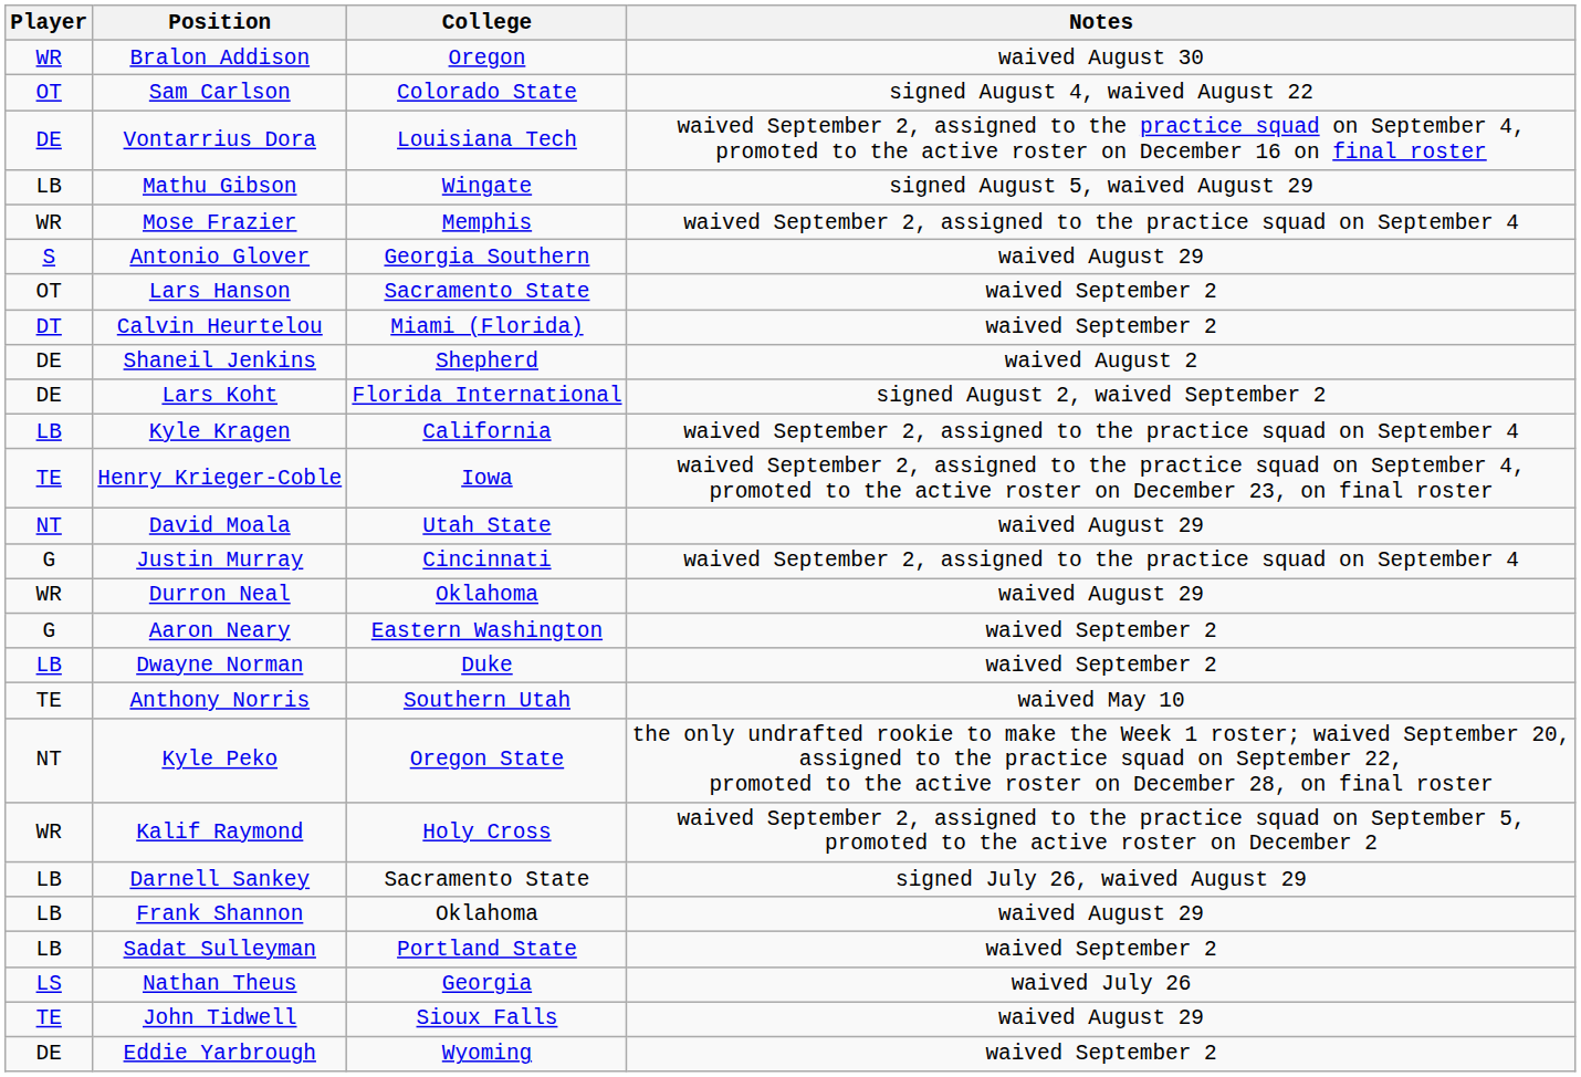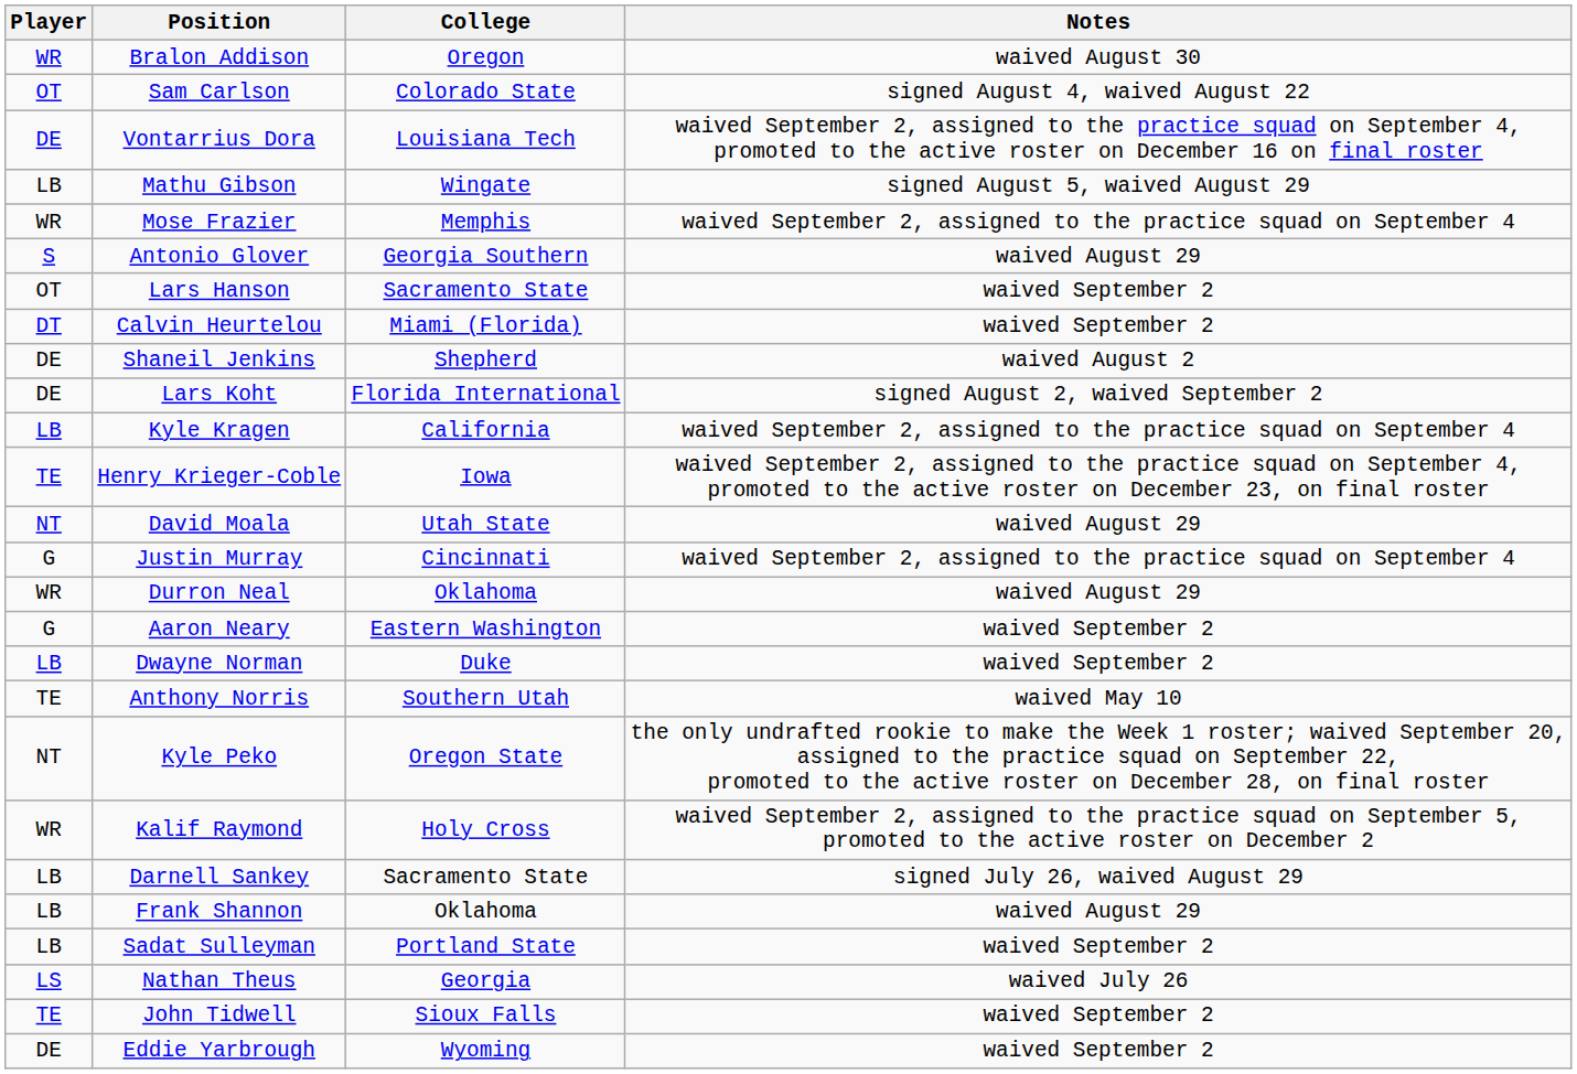 <table class="wikitable" style="text-align:center">
 <tr>
 <th>Player</th>
 <th>Position</th>
 <th>College</th>
 <th>Notes</th>
 </tr>
 <tr>
 <td><a href='#'>WR</a></td>
 <td><a href='#'>Bralon Addison</a></td>
 <td><a href='#'>Oregon</a></td>
 <td>waived August 30</td>
 </tr>
 <tr>
 <td><a href='#'>OT</a></td>
 <td><a href='#'>Sam Carlson</a></td>
 <td><a href='#'>Colorado State</a></td>
 <td>signed August 4, waived August 22</td>
 </tr>
 <tr>
 <td><a href='#'>DE</a></td>
 <td><a href='#'>Vontarrius Dora</a></td>
 <td><a href='#'>Louisiana Tech</a></td>
 <td>waived September 2, assigned to the <a href='#'>practice squad</a> on September 4,<br>promoted to the active roster on December 16 on <a href='#'>final roster</a></td>
 </tr>
 <tr>
 <td>LB</td>
 <td><a href='#'>Mathu Gibson</a></td>
 <td><a href='#'>Wingate</a></td>
 <td>signed August 5, waived August 29</td>
 </tr>
 <tr>
 <td>WR</td>
 <td><a href='#'>Mose Frazier</a></td>
 <td><a href='#'>Memphis</a></td>
 <td>waived September 2, assigned to the practice squad on September 4</td>
 </tr>
 <tr>
 <td><a href='#'>S</a></td>
 <td><a href='#'>Antonio Glover</a></td>
 <td><a href='#'>Georgia Southern</a></td>
 <td>waived August 29</td>
 </tr>
 <tr>
 <td>OT</td>
 <td><a href='#'>Lars Hanson</a></td>
 <td><a href='#'>Sacramento State</a></td>
 <td>waived September 2</td>
 </tr>
 <tr>
 <td><a href='#'>DT</a></td>
 <td><a href='#'>Calvin Heurtelou</a></td>
 <td><a href='#'>Miami (Florida)</a></td>
 <td>waived September 2</td>
 </tr>
 <tr>
 <td>DE</td>
 <td><a href='#'>Shaneil Jenkins</a></td>
 <td><a href='#'>Shepherd</a></td>
 <td>waived August 2</td>
 </tr>
 <tr>
 <td>DE</td>
 <td><a href='#'>Lars Koht</a></td>
 <td><a href='#'>Florida International</a></td>
 <td>signed August 2, waived September 2</td>
 </tr>
 <tr>
 <td><a href='#'>LB</a></td>
 <td><a href='#'>Kyle Kragen</a></td>
 <td><a href='#'>California</a></td>
 <td>waived September 2, assigned to the practice squad on September 4</td>
 </tr>
 <tr>
 <td><a href='#'>TE</a></td>
 <td><a href='#'>Henry Krieger-Coble</a></td>
 <td><a href='#'>Iowa</a></td>
 <td>waived September 2, assigned to the practice squad on September 4,<br>promoted to the active roster on December 23, on final roster</td>
 </tr>
 <tr>
 <td><a href='#'>NT</a></td>
 <td><a href='#'>David Moala</a></td>
 <td><a href='#'>Utah State</a></td>
 <td>waived August 29</td>
 </tr>
 <tr>
 <td>G</td>
 <td><a href='#'>Justin Murray</a></td>
 <td><a href='#'>Cincinnati</a></td>
 <td>waived September 2, assigned to the practice squad on September 4</td>
 </tr>
 <tr>
 <td>WR</td>
 <td><a href='#'>Durron Neal</a></td>
 <td><a href='#'>Oklahoma</a></td>
 <td>waived August 29</td>
 </tr>
 <tr>
 <td>G</td>
 <td><a href='#'>Aaron Neary</a></td>
 <td><a href='#'>Eastern Washington</a></td>
 <td>waived September 2</td>
 </tr>
 <tr>
 <td><a href='#'>LB</a></td>
 <td><a href='#'>Dwayne Norman</a></td>
 <td><a href='#'>Duke</a></td>
 <td>waived September 2</td>
 </tr>
 <tr>
 <td>TE</td>
 <td><a href='#'>Anthony Norris</a></td>
 <td><a href='#'>Southern Utah</a></td>
 <td>waived May 10</td>
 </tr>
 <tr>
 <td>NT</td>
 <td><a href='#'>Kyle Peko</a></td>
 <td><a href='#'>Oregon State</a></td>
 <td>the only undrafted rookie to make the Week 1 roster; waived September 20,<br>assigned to the practice squad on September 22,<br> promoted to the active roster on December 28, on final roster</td>
 </tr>
 <tr>
 <td>WR</td>
 <td><a href='#'>Kalif Raymond</a></td>
 <td><a href='#'>Holy Cross</a></td>
 <td>waived September 2, assigned to the practice squad on September 5,<br>promoted to the active roster on December 2</td>
 </tr>
 <tr>
 <td>LB</td>
 <td><a href='#'>Darnell Sankey</a></td>
 <td>Sacramento State</td>
 <td>signed July 26, waived August 29</td>
 </tr>
 <tr>
 <td>LB</td>
 <td><a href='#'>Frank Shannon</a></td>
 <td>Oklahoma</td>
 <td>waived August 29</td>
 </tr>
 <tr>
 <td>LB</td>
 <td><a href='#'>Sadat Sulleyman</a></td>
 <td><a href='#'>Portland State</a></td>
 <td>waived September 2</td>
 </tr>
 <tr>
 <td><a href='#'>LS</a></td>
 <td><a href='#'>Nathan Theus</a></td>
 <td><a href='#'>Georgia</a></td>
 <td>waived July 26</td>
 </tr>
 <tr>
 <td><a href='#'>TE</a></td>
 <td><a href='#'>John Tidwell</a></td>
 <td><a href='#'>Sioux Falls</a></td>
-<td>waived August 29</td>
+<td>waived September 2</td>
 </tr>
 <tr>
 <td>DE</td>
 <td><a href='#'>Eddie Yarbrough</a></td>
 <td><a href='#'>Wyoming</a></td>
 <td>waived September 2</td>
 </tr>
 </table>
